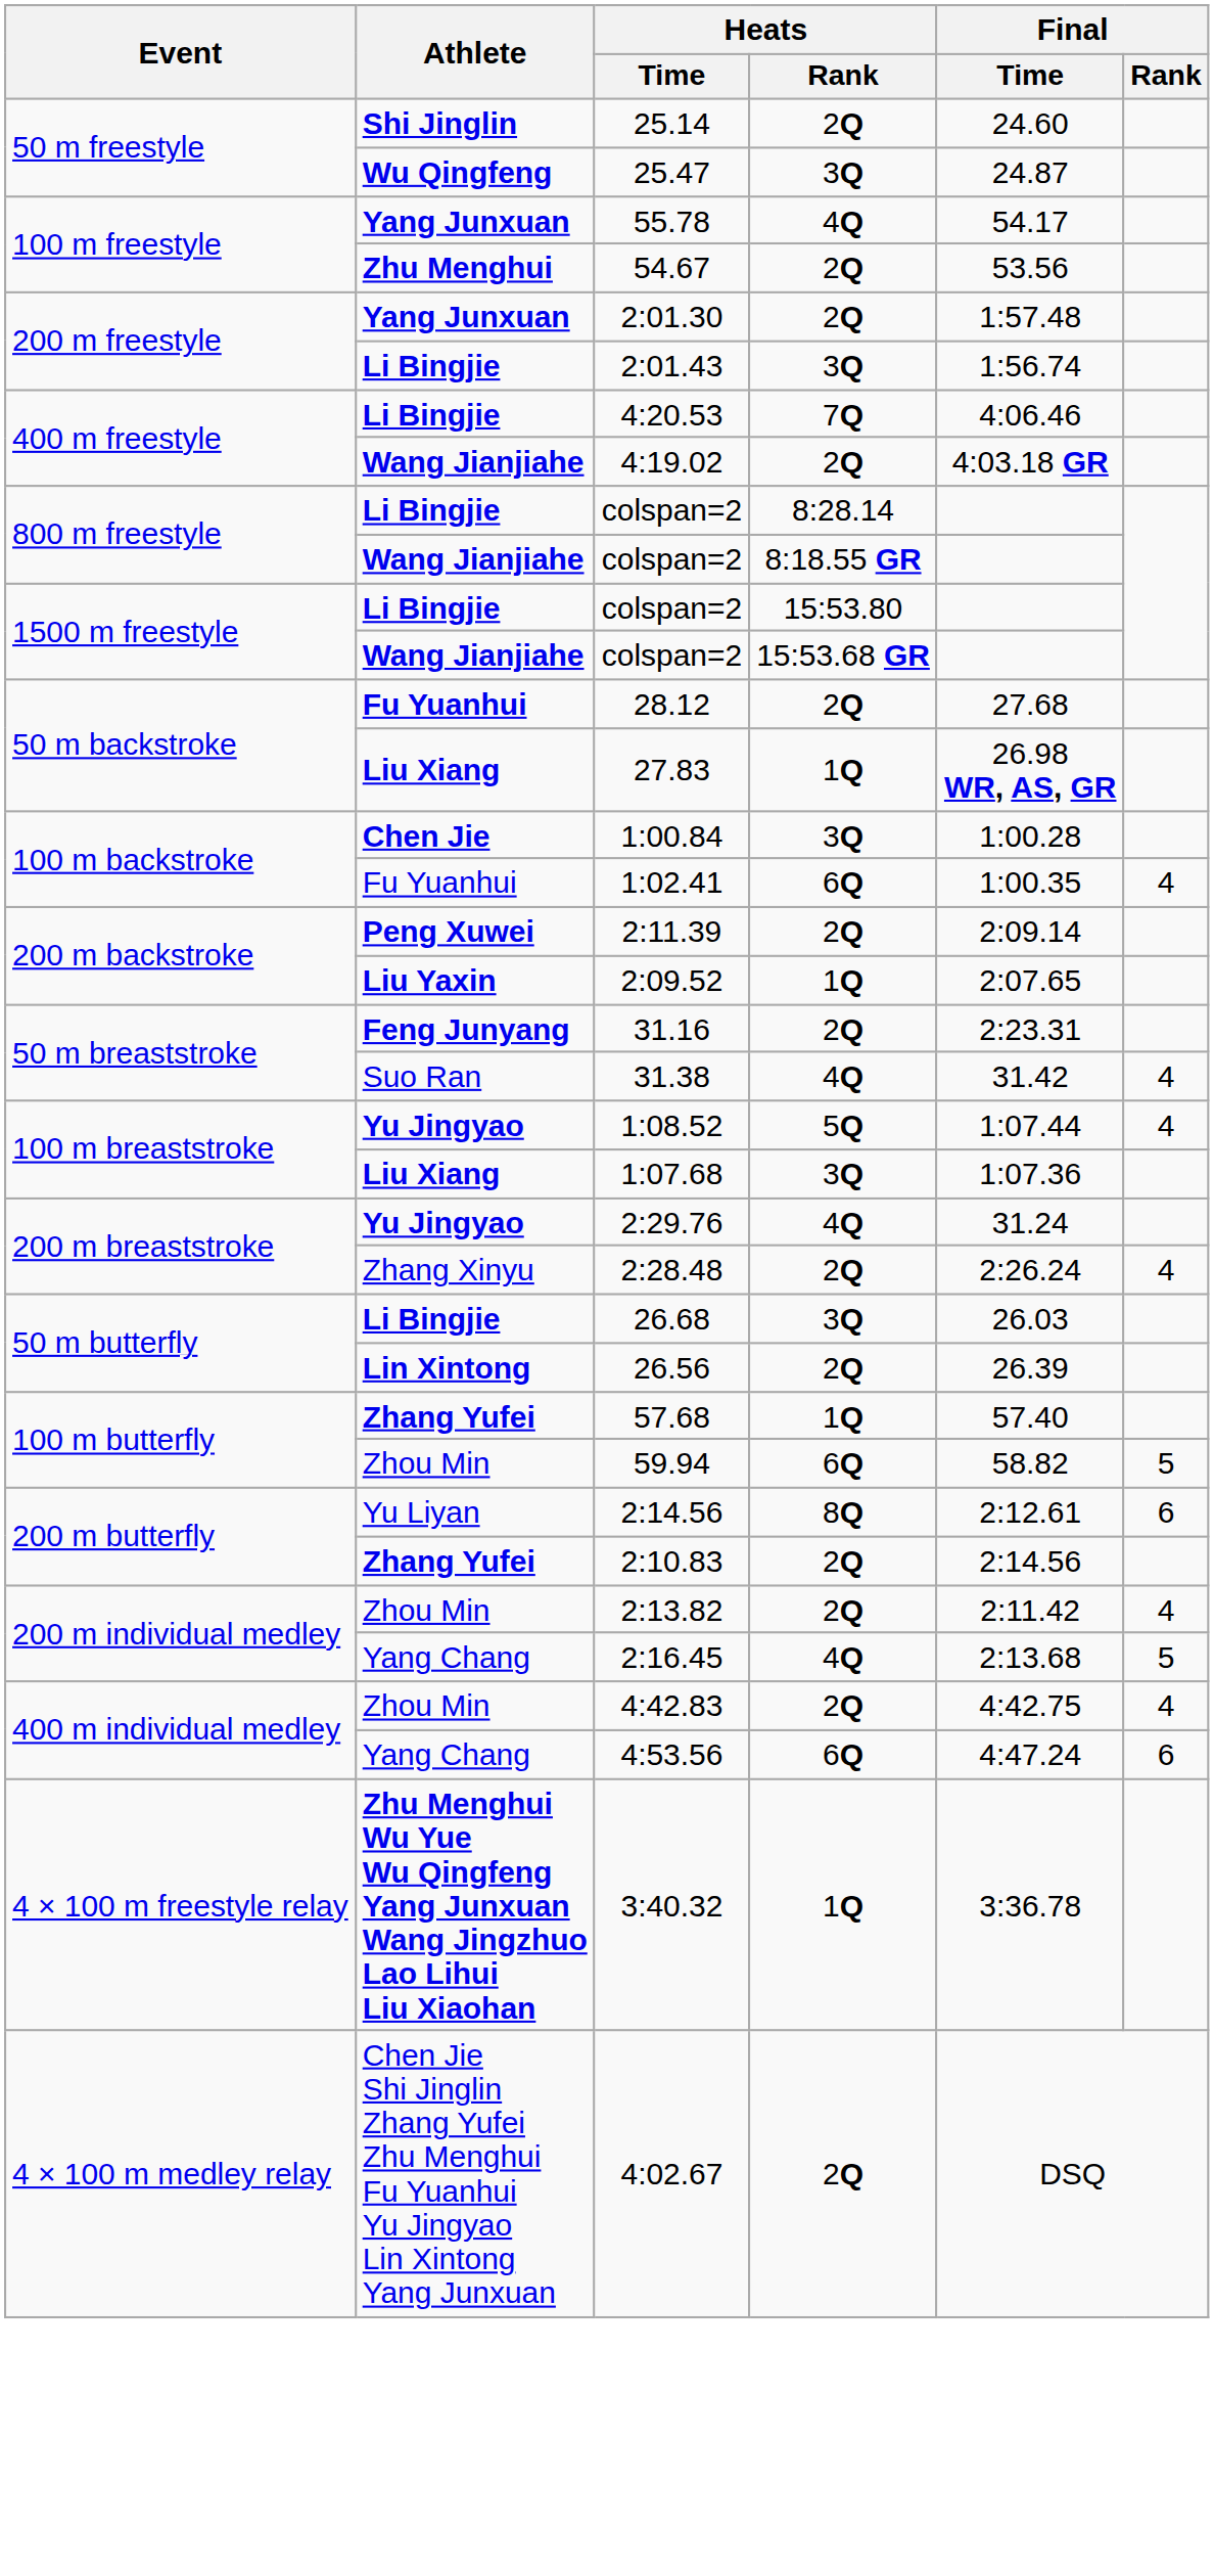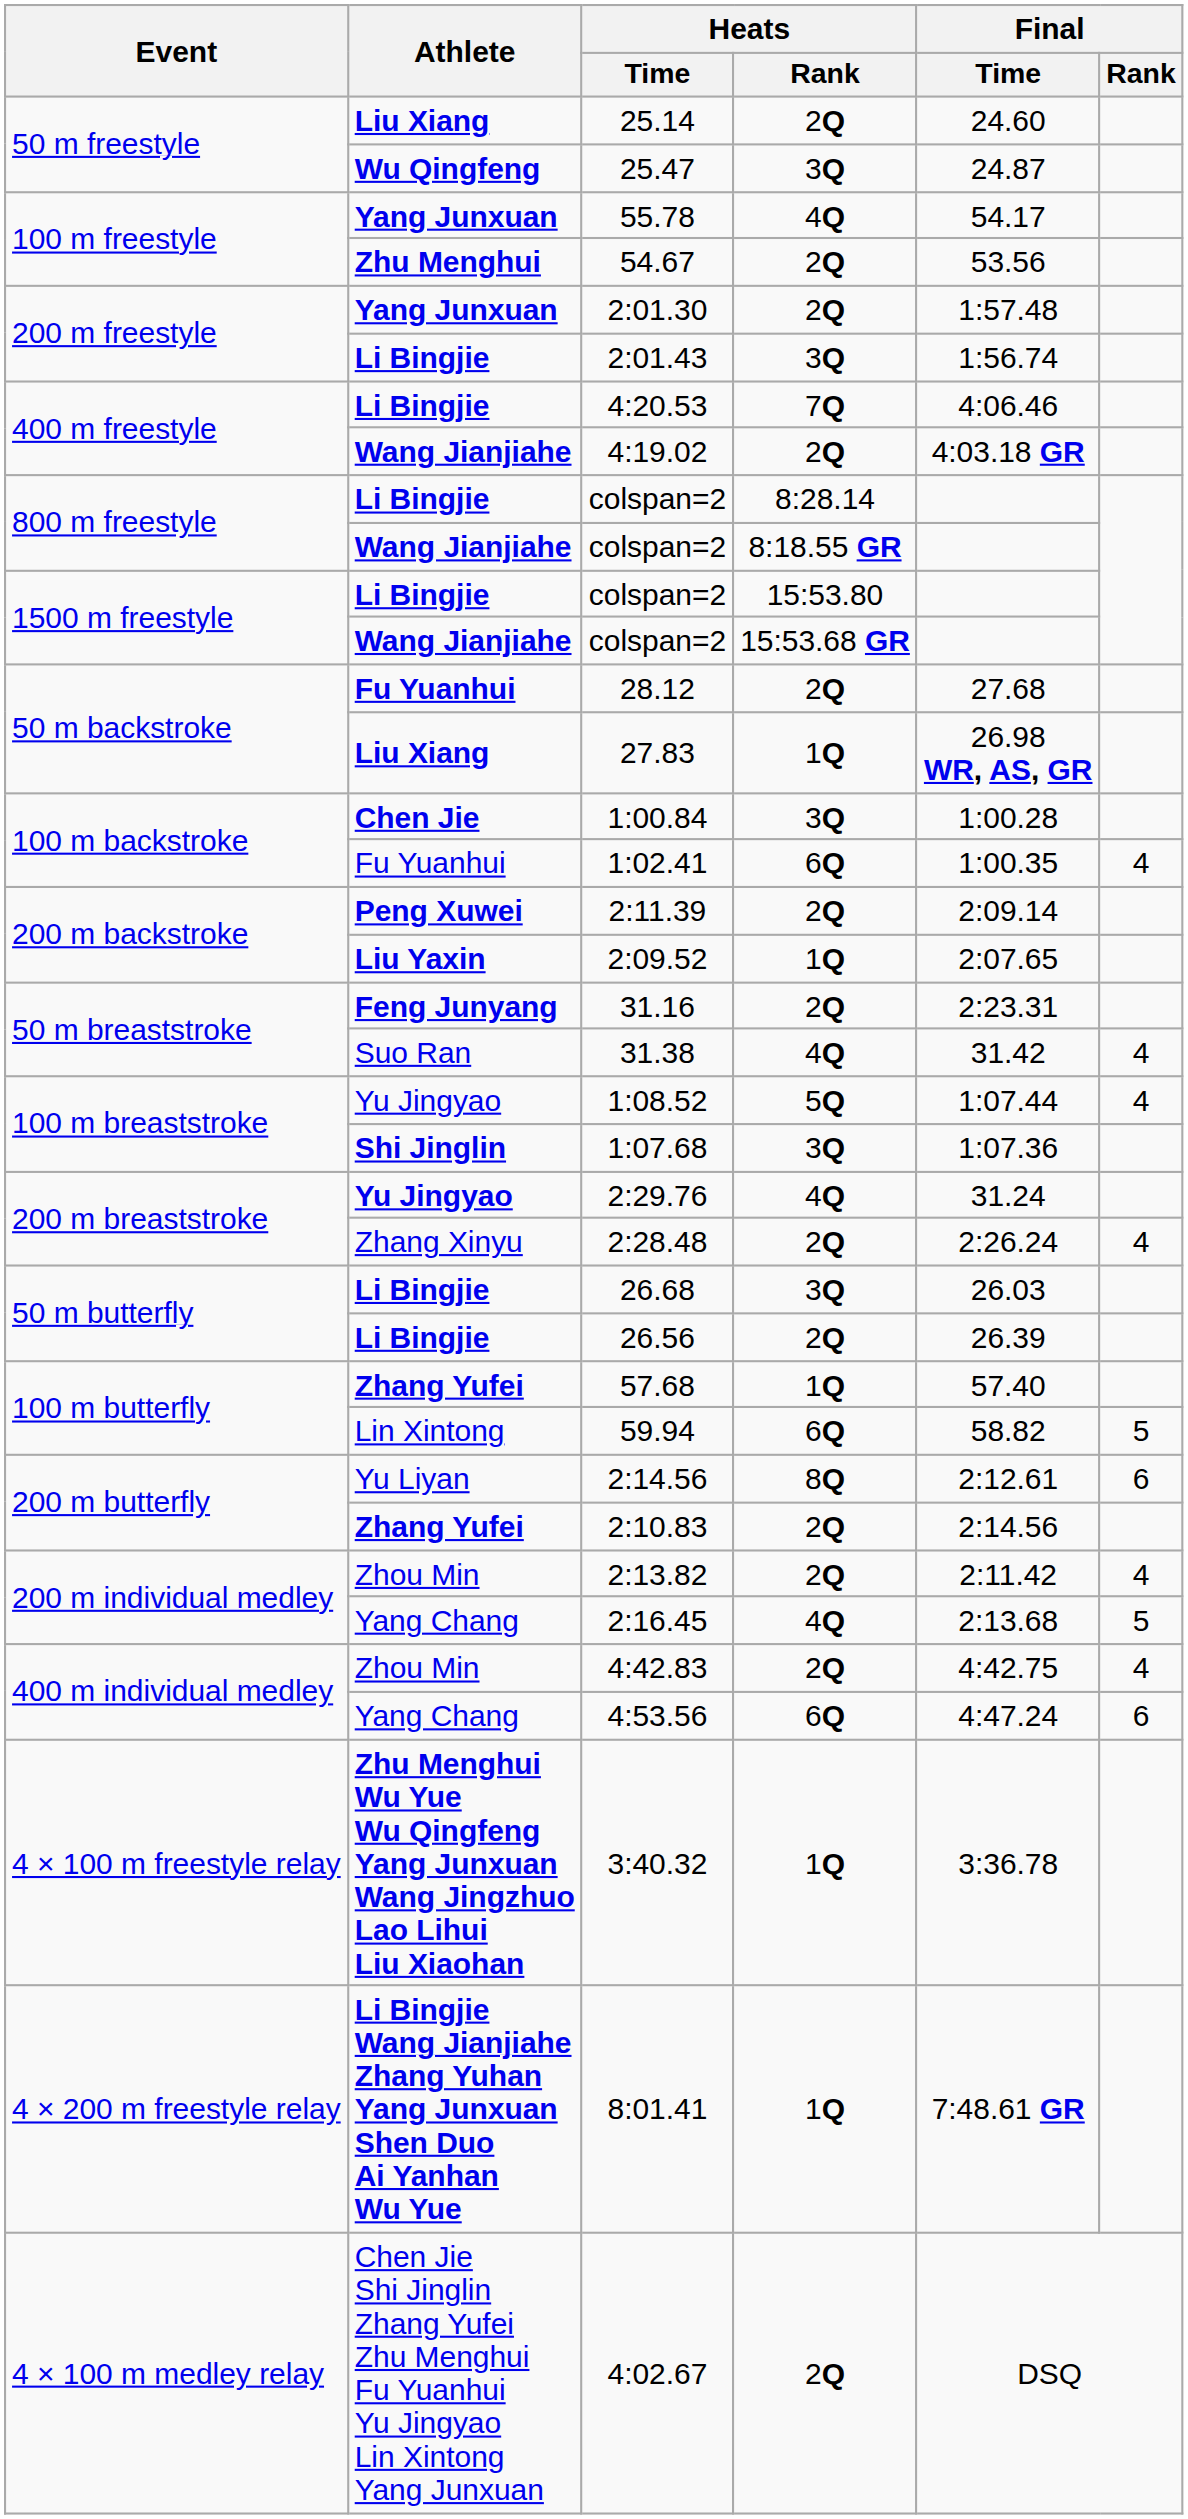 <table class=wikitable style="font-size:90%">
 <tr>
 <th rowspan="2">Event</th>
 <th rowspan="2">Athlete</th>
 <th colspan="2">Heats</th>
 <th colspan="2">Final</th>
 </tr>
 <tr style="font-size:95%">
 <th>Time</th>
 <th>Rank</th>
 <th>Time</th>
 <th>Rank</th>
 </tr>
 <tr align=center>
 <td align=left rowspan=2><a href='#'>50 m freestyle</a></td>
-<td align=left><strong><a href='#'>Shi Jinglin</a></strong></td>
+<td align=left><strong><a href='#'>Liu Xiang</a></strong></td>
 <td>25.14</td>
 <td>2<strong>Q</strong></td>
 <td>24.60</td>
 <td></td>
 </tr>
 <tr align=center>
 <td align=left><strong><a href='#'>Wu Qingfeng</a></strong></td>
 <td>25.47</td>
 <td>3<strong>Q</strong></td>
 <td>24.87</td>
 <td></td>
 </tr>
 <tr align=center>
 <td align=left rowspan=2><a href='#'>100 m freestyle</a></td>
 <td align=left><strong><a href='#'>Yang Junxuan</a></strong></td>
 <td>55.78</td>
 <td>4<strong>Q</strong></td>
 <td>54.17</td>
 <td></td>
 </tr>
 <tr align=center>
 <td align=left><strong><a href='#'>Zhu Menghui</a></strong></td>
 <td>54.67</td>
 <td>2<strong>Q</strong></td>
 <td>53.56</td>
 <td></td>
 </tr>
 <tr align=center>
 <td align=left rowspan=2><a href='#'>200 m freestyle</a></td>
 <td align=left><strong><a href='#'>Yang Junxuan</a></strong></td>
 <td>2:01.30</td>
 <td>2<strong>Q</strong></td>
 <td>1:57.48</td>
 <td></td>
 </tr>
 <tr align=center>
 <td align=left><strong><a href='#'>Li Bingjie</a></strong></td>
 <td>2:01.43</td>
 <td>3<strong>Q</strong></td>
 <td>1:56.74</td>
 <td></td>
 </tr>
 <tr align=center>
 <td align=left rowspan=2><a href='#'>400 m freestyle</a></td>
 <td align=left><strong><a href='#'>Li Bingjie</a></strong></td>
 <td>4:20.53</td>
 <td>7<strong>Q</strong></td>
 <td>4:06.46</td>
 <td></td>
 </tr>
 <tr align=center>
 <td align=left><strong><a href='#'>Wang Jianjiahe</a></strong></td>
 <td>4:19.02</td>
 <td>2<strong>Q</strong></td>
 <td>4:03.18 <strong><a href='#'>GR</a></strong></td>
 <td></td>
 </tr>
 <tr align=center>
 <td align=left rowspan=2><a href='#'>800 m freestyle</a></td>
 <td align=left><strong><a href='#'>Li Bingjie</a></strong></td>
 <td>colspan=2 </td>
 <td>8:28.14</td>
 <td></td>
 </tr>
 <tr align=center>
 <td align=left><strong><a href='#'>Wang Jianjiahe</a></strong></td>
 <td>colspan=2 </td>
 <td>8:18.55 <strong><a href='#'>GR</a></strong></td>
 <td></td>
 </tr>
 <tr align=center>
 <td align=left rowspan=2><a href='#'>1500 m freestyle</a></td>
 <td align=left><strong><a href='#'>Li Bingjie</a></strong></td>
 <td>colspan=2 </td>
 <td>15:53.80</td>
 <td></td>
 </tr>
 <tr align=center>
 <td align=left><strong><a href='#'>Wang Jianjiahe</a></strong></td>
 <td>colspan=2 </td>
 <td>15:53.68 <strong><a href='#'>GR</a></strong></td>
 <td></td>
 </tr>
 <tr align=center>
 <td align=left rowspan=2><a href='#'>50 m backstroke</a></td>
 <td align=left><strong><a href='#'>Fu Yuanhui</a></strong></td>
 <td>28.12</td>
 <td>2<strong>Q</strong></td>
 <td>27.68</td>
 <td></td>
 </tr>
 <tr align=center>
 <td align=left><strong><a href='#'>Liu Xiang</a></strong></td>
 <td>27.83</td>
 <td>1<strong>Q</strong></td>
 <td>26.98<br><strong><a href='#'>WR</a>, <a href='#'>AS</a>, <a href='#'>GR</a></strong></td>
 <td></td>
 </tr>
 <tr align=center>
 <td align=left rowspan=2><a href='#'>100 m backstroke</a></td>
 <td align=left><strong><a href='#'>Chen Jie</a></strong></td>
 <td>1:00.84</td>
 <td>3<strong>Q</strong></td>
 <td>1:00.28</td>
 <td></td>
 </tr>
 <tr align=center>
 <td align=left><a href='#'>Fu Yuanhui</a></td>
 <td>1:02.41</td>
 <td>6<strong>Q</strong></td>
 <td>1:00.35</td>
 <td>4</td>
 </tr>
 <tr align=center>
 <td align=left rowspan=2><a href='#'>200 m backstroke</a></td>
 <td align=left><strong><a href='#'>Peng Xuwei</a></strong></td>
 <td>2:11.39</td>
 <td>2<strong>Q</strong></td>
 <td>2:09.14</td>
 <td></td>
 </tr>
 <tr align=center>
 <td align=left><strong><a href='#'>Liu Yaxin</a></strong></td>
 <td>2:09.52</td>
 <td>1<strong>Q</strong></td>
 <td>2:07.65</td>
 <td></td>
 </tr>
 <tr align=center>
 <td align=left rowspan=2><a href='#'>50 m breaststroke</a></td>
 <td align=left><strong><a href='#'>Feng Junyang</a></strong></td>
 <td>31.16</td>
 <td>2<strong>Q</strong></td>
 <td>2:23.31</td>
 <td></td>
 </tr>
 <tr align=center>
 <td align=left><a href='#'>Suo Ran</a></td>
 <td>31.38</td>
 <td>4<strong>Q</strong></td>
 <td>31.42</td>
 <td>4</td>
 </tr>
 <tr align=center>
 <td align=left rowspan=2><a href='#'>100 m breaststroke</a></td>
-<td align=left><strong><a href='#'>Yu Jingyao</a></strong></td>
+<td align=left><a href='#'>Yu Jingyao</a></td>
 <td>1:08.52</td>
 <td>5<strong>Q</strong></td>
 <td>1:07.44</td>
 <td>4</td>
 </tr>
 <tr align=center>
-<td align=left><strong><a href='#'>Liu Xiang</a></strong></td>
+<td align=left><strong><a href='#'>Shi Jinglin</a></strong></td>
 <td>1:07.68</td>
 <td>3<strong>Q</strong></td>
 <td>1:07.36</td>
 <td></td>
 </tr>
 <tr align=center>
 <td align=left rowspan=2><a href='#'>200 m breaststroke</a></td>
 <td align=left><strong><a href='#'>Yu Jingyao</a></strong></td>
 <td>2:29.76</td>
 <td>4<strong>Q</strong></td>
 <td>31.24</td>
 <td></td>
 </tr>
 <tr align=center>
 <td align=left><a href='#'>Zhang Xinyu</a></td>
 <td>2:28.48</td>
 <td>2<strong>Q</strong></td>
 <td>2:26.24</td>
 <td>4</td>
 </tr>
 <tr align=center>
 <td align=left rowspan=2><a href='#'>50 m butterfly</a></td>
 <td align=left><strong><a href='#'>Li Bingjie</a></strong></td>
 <td>26.68</td>
 <td>3<strong>Q</strong></td>
 <td>26.03</td>
 <td></td>
 </tr>
 <tr align=center>
-<td align=left><strong><a href='#'>Lin Xintong</a></strong></td>
+<td align=left><strong><a href='#'>Li Bingjie</a></strong></td>
 <td>26.56</td>
 <td>2<strong>Q</strong></td>
 <td>26.39</td>
 <td></td>
 </tr>
 <tr align=center>
 <td align=left rowspan=2><a href='#'>100 m butterfly</a></td>
 <td align=left><strong><a href='#'>Zhang Yufei</a></strong></td>
 <td>57.68</td>
 <td>1<strong>Q</strong></td>
 <td>57.40</td>
 <td></td>
 </tr>
 <tr align=center>
-<td align=left><a href='#'>Zhou Min</a></td>
+<td align=left><a href='#'>Lin Xintong</a></td>
 <td>59.94</td>
 <td>6<strong>Q</strong></td>
 <td>58.82</td>
 <td>5</td>
 </tr>
 <tr align=center>
 <td align=left rowspan=2><a href='#'>200 m butterfly</a></td>
 <td align=left><a href='#'>Yu Liyan</a></td>
 <td>2:14.56</td>
 <td>8<strong>Q</strong></td>
 <td>2:12.61</td>
 <td>6</td>
 </tr>
 <tr align=center>
 <td align=left><strong><a href='#'>Zhang Yufei</a></strong></td>
 <td>2:10.83</td>
 <td>2<strong>Q</strong></td>
 <td>2:14.56</td>
 <td></td>
 </tr>
 <tr align=center>
 <td align=left rowspan=2><a href='#'>200 m individual medley</a></td>
 <td align=left><a href='#'>Zhou Min</a></td>
 <td>2:13.82</td>
 <td>2<strong>Q</strong></td>
 <td>2:11.42</td>
 <td>4</td>
 </tr>
 <tr align=center>
 <td align=left><a href='#'>Yang Chang</a></td>
 <td>2:16.45</td>
 <td>4<strong>Q</strong></td>
 <td>2:13.68</td>
 <td>5</td>
 </tr>
 <tr align=center>
 <td align=left rowspan=2><a href='#'>400 m individual medley</a></td>
 <td align=left><a href='#'>Zhou Min</a></td>
 <td>4:42.83</td>
 <td>2<strong>Q</strong></td>
 <td>4:42.75</td>
 <td>4</td>
 </tr>
 <tr align=center>
 <td align=left><a href='#'>Yang Chang</a></td>
 <td>4:53.56</td>
 <td>6<strong>Q</strong></td>
 <td>4:47.24</td>
 <td>6</td>
 </tr>
 <tr align=center>
 <td align=left><a href='#'>4 × 100 m freestyle relay</a></td>
 <td align=left><strong><a href='#'>Zhu Menghui</a><br><a href='#'>Wu Yue</a><br><a href='#'>Wu Qingfeng</a><br><a href='#'>Yang Junxuan</a><br><a href='#'>Wang Jingzhuo</a><br><a href='#'>Lao Lihui</a><br><a href='#'>Liu Xiaohan</a></strong></td>
 <td>3:40.32</td>
 <td>1<strong>Q</strong></td>
 <td>3:36.78</td>
 <td></td>
 </tr>
 <tr align=center>
+<td align=left><a href='#'>4 × 200 m freestyle relay</a></td>
+<td align=left><strong><a href='#'>Li Bingjie</a><br><a href='#'>Wang Jianjiahe</a><br><a href='#'>Zhang Yuhan</a><br><a href='#'>Yang Junxuan</a><br><a href='#'>Shen Duo</a><br><a href='#'>Ai Yanhan</a><br><a href='#'>Wu Yue</a></strong></td>
+<td>8:01.41</td>
+<td>1<strong>Q</strong></td>
+<td>7:48.61 <strong><a href='#'>GR</a></strong></td>
+<td></td>
+</tr>
+<tr align=center>
 <td align=left><a href='#'>4 × 100 m medley relay</a></td>
 <td align=left><a href='#'>Chen Jie</a><br><a href='#'>Shi Jinglin</a><br><a href='#'>Zhang Yufei</a><br><a href='#'>Zhu Menghui</a><br><a href='#'>Fu Yuanhui</a><br><a href='#'>Yu Jingyao</a><br><a href='#'>Lin Xintong</a> <br><a href='#'>Yang Junxuan</a></td>
 <td>4:02.67</td>
 <td>2<strong>Q</strong></td>
 <td colspan=2>DSQ</td>
 </tr>
 </table>
